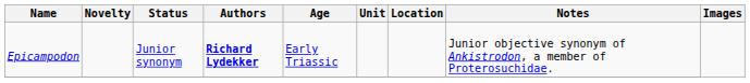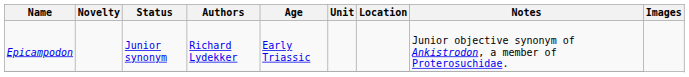 <table class="wikitable sortable" align="center" width="100%">
 <tr>
 <th>Name</th>
 <th>Novelty</th>
 <th>Status</th>
 <th>Authors</th>
 <th>Age</th>
 <th>Unit</th>
 <th>Location</th>
 <th>Notes</th>
 <th>Images</th>
 </tr>
 <tr>
 <td><br><em><a href='#'>Epicampodon</a></em></td>
 <td></td>
 <td><br><a href='#'>Junior synonym</a></td>
-<td><strong><br><a href='#'>Richard Lydekker</a></strong></td>
+<td><br><a href='#'>Richard Lydekker</a></td>
 <td><br><a href='#'>Early Triassic</a></td>
 <td></td>
 <td></td>
 <td><br>Junior objective synonym of <em><a href='#'>Ankistrodon</a></em>, a member of <a href='#'>Proterosuchidae</a>.</td>
 </tr>
 <tr>
 </tr>
 </table>
